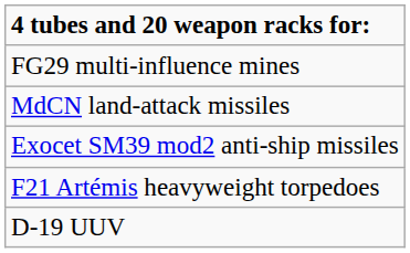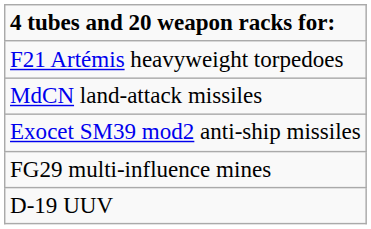 <table class="wikitable">
 <tr>
 <td><strong>4 tubes and 20 weapon racks for:</strong></td>
 </tr>
 <tr>
-<td>FG29 multi-influence mines</td>
+<td><a href='#'>F21 Artémis</a> heavyweight torpedoes</td>
 </tr>
 <tr>
 <td><a href='#'>MdCN</a> land-attack missiles</td>
 </tr>
 <tr>
 <td><a href='#'>Exocet SM39 mod2</a> anti-ship missiles</td>
 </tr>
 <tr>
-<td><a href='#'>F21 Artémis</a> heavyweight torpedoes</td>
+<td>FG29 multi-influence mines</td>
 </tr>
 <tr>
 <td>D-19 UUV</td>
 </tr>
 </table>
